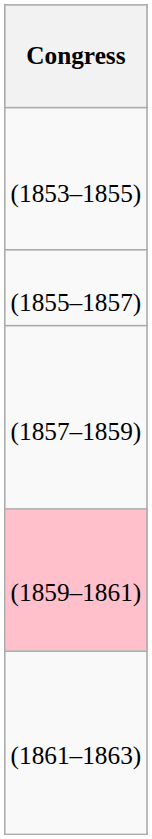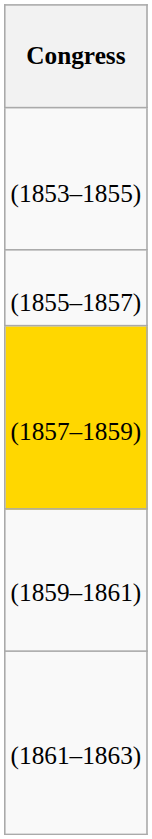 <table class="wikitable" style="float:left; margin:0; margin-right:-0.5px; margin-top:14px; text-align:center;">
 <tr style="white-space:nowrap; height:4.08em;">
 <th>Congress</th>
 </tr>
 <tr style="white-space:nowrap; height:5.62em;">
 <td><strong></strong><br>(1853–1855)</td>
 </tr>
 <tr style="white-space:nowrap; height:3em">
 <td><strong></strong><br>(1855–1857)</td>
 </tr>
 <tr style="white-space:nowrap; height:7.24em">
-<td><strong></strong><br>(1857–1859)</td>
+<td style="background: gold;"><strong></strong><br>(1857–1859)</td>
 </tr>
 <tr style="white-space:nowrap; height:5.62em">
-<td style="background: pink;"><strong></strong><br>(1859–1861)</td>
+<td><strong></strong><br>(1859–1861)</td>
 </tr>
 <tr style="white-space:nowrap; height:7.24em">
 <td><strong></strong><br>(1861–1863)</td>
 </tr>
 </table>
